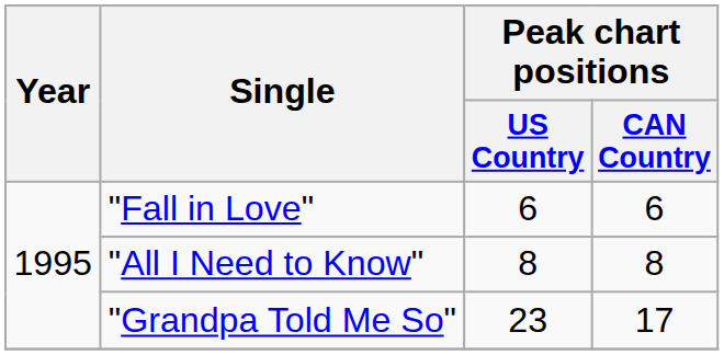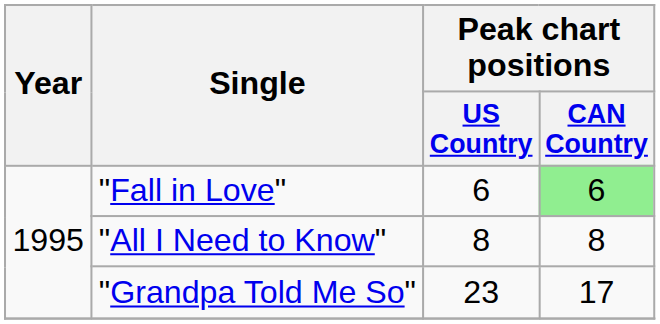 <table class="wikitable" style="text-align:center;">
 <tr>
 <th rowspan="2">Year</th>
 <th rowspan="2">Single</th>
 <th colspan="2">Peak chart<br>positions</th>
 </tr>
 <tr style="font-size:smaller;">
 <th width="45"><a href='#'>US Country</a><br></th>
 <th width="45"><a href='#'>CAN Country</a><br></th>
 </tr>
 <tr>
 <td rowspan="3">1995</td>
 <td align="left">"<a href='#'>Fall in Love</a>"</td>
 <td>6</td>
-<td>6</td>
+<td style="background: lightgreen;">6</td>
 </tr>
 <tr>
 <td align="left">"<a href='#'>All I Need to Know</a>"</td>
 <td>8</td>
 <td>8</td>
 </tr>
 <tr>
 <td align="left">"<a href='#'>Grandpa Told Me So</a>"</td>
 <td>23</td>
 <td>17</td>
 </tr>
 <tr>
 </tr>
 </table>
